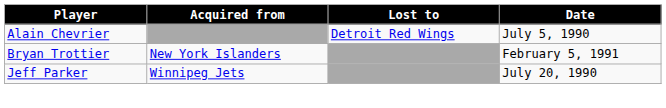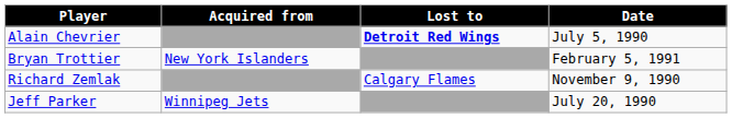 <table class="wikitable" style="width:80%;">
 <tr style="text-align:center; background:#ddd;">
 <th style="color:white; background:#000000; ">Player</th>
 <th style="color:white; background:#000000; ">Acquired from</th>
 <th style="color:white; background:#000000; ">Lost to</th>
 <th style="color:white; background:#000000; ">Date</th>
 </tr>
 <tr>
 <td><a href='#'>Alain Chevrier</a></td>
 <td style="background:darkgray;"></td>
-<td><a href='#'>Detroit Red Wings</a></td>
+<td><strong><a href='#'>Detroit Red Wings</a></strong></td>
 <td>July 5, 1990</td>
 </tr>
 <tr>
 <td><a href='#'>Bryan Trottier</a></td>
 <td><a href='#'>New York Islanders</a></td>
 <td style="background:darkgray;"></td>
 <td>February 5, 1991</td>
 </tr>
 <tr>
+<td><a href='#'>Richard Zemlak</a></td>
+<td style="background:darkgray;"></td>
+<td><a href='#'>Calgary Flames</a></td>
+<td>November 9, 1990</td>
+</tr>
+<tr>
 <td><a href='#'>Jeff Parker</a></td>
 <td><a href='#'>Winnipeg Jets</a></td>
 <td style="background:darkgray;"></td>
 <td>July 20, 1990</td>
 </tr>
 </table>
